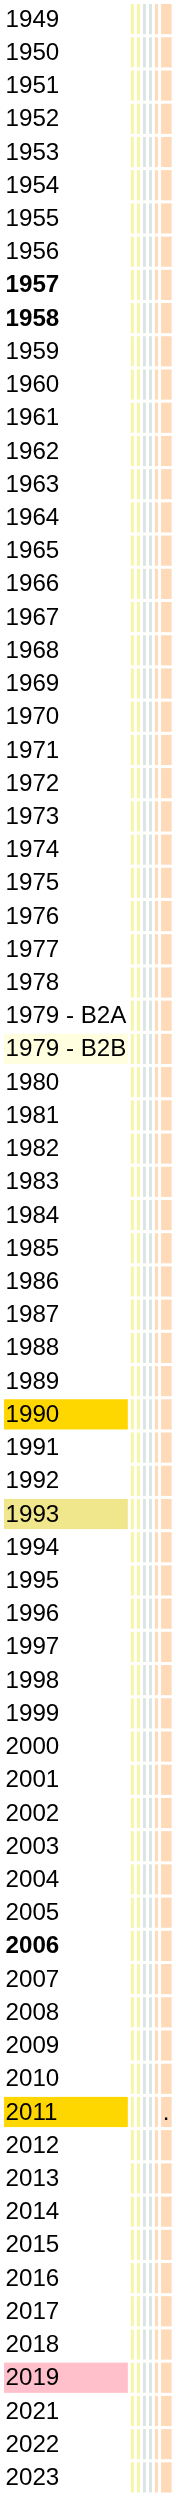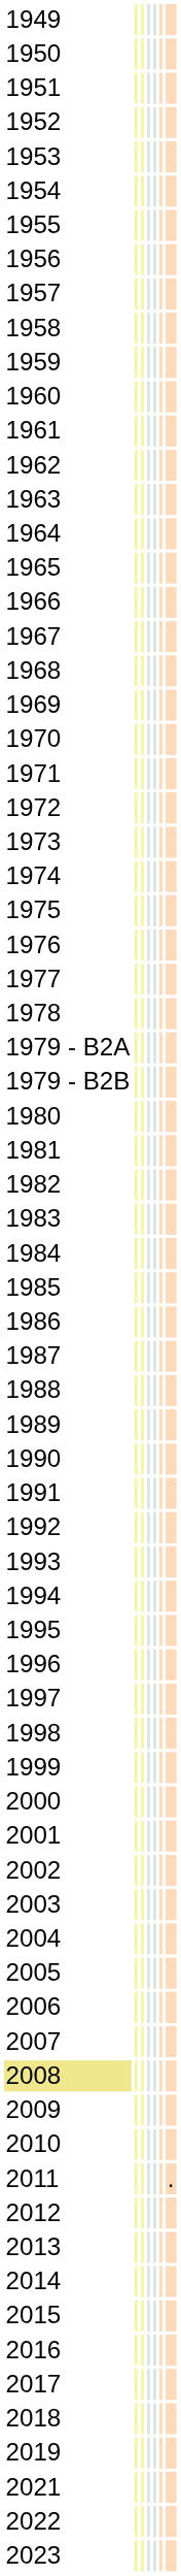 <table>
 <tr>
 <td>1949</td>
 <td style="background-color: #F7F6A8;"></td>
 <td style="background-color: #F7F6A8;"></td>
 <td style="background-color: #DCE5E5;"></td>
 <td style="background-color: #DCE5E5;"></td>
 <td style="background-color: #FFDAB9;"></td>
 <td style="background-color: #FFDAB9;"></td>
 </tr>
 <tr>
 <td>1950</td>
 <td style="background-color: #F7F6A8;"></td>
 <td style="background-color: #F7F6A8;"></td>
 <td style="background-color: #DCE5E5;"></td>
 <td style="background-color: #DCE5E5;"></td>
 <td style="background-color: #FFDAB9;"></td>
 <td style="background-color: #FFDAB9;"></td>
 </tr>
 <tr>
 <td>1951</td>
 <td style="background-color: #F7F6A8;"></td>
 <td style="background-color: #F7F6A8;"></td>
 <td style="background-color: #DCE5E5;"></td>
 <td style="background-color: #DCE5E5;"></td>
 <td style="background-color: #FFDAB9;"></td>
 <td style="background-color: #FFDAB9;"></td>
 </tr>
 <tr>
 <td>1952</td>
 <td style="background-color: #F7F6A8;"></td>
 <td style="background-color: #F7F6A8;"></td>
 <td style="background-color: #DCE5E5;"></td>
 <td style="background-color: #DCE5E5;"></td>
 <td style="background-color: #FFDAB9;"></td>
 <td style="background-color: #FFDAB9;"></td>
 </tr>
 <tr>
 <td>1953</td>
 <td style="background-color: #F7F6A8;"></td>
 <td style="background-color: #F7F6A8;"></td>
 <td style="background-color: #DCE5E5;"></td>
 <td style="background-color: #DCE5E5;"></td>
 <td style="background-color: #FFDAB9;"></td>
 <td style="background-color: #FFDAB9;"></td>
 </tr>
 <tr>
 <td>1954</td>
 <td style="background-color: #F7F6A8;"></td>
 <td style="background-color: #F7F6A8;"></td>
 <td style="background-color: #DCE5E5;"></td>
 <td style="background-color: #DCE5E5;"></td>
 <td style="background-color: #FFDAB9;"></td>
 <td style="background-color: #FFDAB9;"></td>
 </tr>
 <tr>
 <td>1955</td>
 <td style="background-color: #F7F6A8;"></td>
 <td style="background-color: #F7F6A8;"></td>
 <td style="background-color: #DCE5E5;"></td>
 <td style="background-color: #DCE5E5;"></td>
 <td style="background-color: #FFDAB9;"></td>
 <td style="background-color: #FFDAB9;"></td>
 </tr>
 <tr>
 <td>1956</td>
 <td style="background-color: #F7F6A8;"></td>
 <td style="background-color: #F7F6A8;"></td>
 <td style="background-color: #DCE5E5;"></td>
 <td style="background-color: #DCE5E5;"></td>
 <td style="background-color: #FFDAB9;"></td>
 <td style="background-color: #FFDAB9;"></td>
 </tr>
 <tr>
-<td><strong>1957</strong></td>
+<td>1957</td>
 <td style="background-color: #F7F6A8;"></td>
 <td style="background-color: #F7F6A8;"></td>
 <td style="background-color: #DCE5E5;"></td>
 <td style="background-color: #DCE5E5;"></td>
 <td style="background-color: #FFDAB9;"></td>
 <td style="background-color: #FFDAB9;"></td>
 </tr>
 <tr>
-<td><strong>1958</strong></td>
+<td>1958</td>
 <td style="background-color: #F7F6A8;"></td>
 <td style="background-color: #F7F6A8;"></td>
 <td style="background-color: #DCE5E5;"></td>
 <td style="background-color: #DCE5E5;"></td>
 <td style="background-color: #FFDAB9;"></td>
 <td style="background-color: #FFDAB9;"></td>
 </tr>
 <tr>
 <td>1959</td>
 <td style="background-color: #F7F6A8;"></td>
 <td style="background-color: #F7F6A8;"></td>
 <td style="background-color: #DCE5E5;"></td>
 <td style="background-color: #DCE5E5;"></td>
 <td style="background-color: #FFDAB9;"></td>
 <td style="background-color: #FFDAB9;"></td>
 </tr>
 <tr>
 <td>1960</td>
 <td style="background-color: #F7F6A8;"></td>
 <td style="background-color: #F7F6A8;"></td>
 <td style="background-color: #DCE5E5;"></td>
 <td style="background-color: #DCE5E5;"></td>
 <td style="background-color: #FFDAB9;"></td>
 <td style="background-color: #FFDAB9;"></td>
 </tr>
 <tr>
 <td>1961</td>
 <td style="background-color: #F7F6A8;"></td>
 <td style="background-color: #F7F6A8;"></td>
 <td style="background-color: #DCE5E5;"></td>
 <td style="background-color: #DCE5E5;"></td>
 <td style="background-color: #FFDAB9;"></td>
 <td style="background-color: #FFDAB9;"><br></td>
 </tr>
 <tr>
 <td>1962</td>
 <td style="background-color: #F7F6A8;"></td>
 <td style="background-color: #F7F6A8;"></td>
 <td style="background-color: #DCE5E5;"></td>
 <td style="background-color: #DCE5E5;"></td>
 <td style="background-color: #FFDAB9;"></td>
 <td style="background-color: #FFDAB9;"></td>
 </tr>
 <tr>
 <td>1963</td>
 <td style="background-color: #F7F6A8;"></td>
 <td style="background-color: #F7F6A8;"></td>
 <td style="background-color: #DCE5E5;"></td>
 <td style="background-color: #DCE5E5;"></td>
 <td style="background-color: #FFDAB9;"></td>
 <td style="background-color: #FFDAB9;"></td>
 </tr>
 <tr>
 <td>1964</td>
 <td style="background-color: #F7F6A8;"></td>
 <td style="background-color: #F7F6A8;"></td>
 <td style="background-color: #DCE5E5;"></td>
 <td style="background-color: #DCE5E5;"></td>
 <td style="background-color: #FFDAB9;"></td>
 <td style="background-color: #FFDAB9;"></td>
 </tr>
 <tr>
 <td>1965</td>
 <td style="background-color: #F7F6A8;"></td>
 <td style="background-color: #F7F6A8;"></td>
 <td style="background-color: #DCE5E5;"></td>
 <td style="background-color: #DCE5E5;"></td>
 <td style="background-color: #FFDAB9;"></td>
 <td style="background-color: #FFDAB9;"></td>
 </tr>
 <tr>
 <td>1966</td>
 <td style="background-color: #F7F6A8;"></td>
 <td style="background-color: #F7F6A8;"></td>
 <td style="background-color: #DCE5E5;"></td>
 <td style="background-color: #DCE5E5;"></td>
 <td style="background-color: #FFDAB9;"></td>
 <td style="background-color: #FFDAB9;"><br></td>
 </tr>
 <tr>
 <td>1967</td>
 <td style="background-color: #F7F6A8;"></td>
 <td style="background-color: #F7F6A8;"></td>
 <td style="background-color: #DCE5E5;"></td>
 <td style="background-color: #DCE5E5;"></td>
 <td style="background-color: #FFDAB9;"></td>
 <td style="background-color: #FFDAB9;"></td>
 </tr>
 <tr>
 <td>1968</td>
 <td style="background-color: #F7F6A8;"></td>
 <td style="background-color: #F7F6A8;"></td>
 <td style="background-color: #DCE5E5;"></td>
 <td style="background-color: #DCE5E5;"><br></td>
 <td style="background-color: #FFDAB9;"></td>
 <td style="background-color: #FFDAB9;"></td>
 </tr>
 <tr>
 <td>1969</td>
 <td style="background-color: #F7F6A8;"></td>
 <td style="background-color: #F7F6A8;"></td>
 <td style="background-color: #DCE5E5;"></td>
 <td style="background-color: #DCE5E5;"></td>
 <td style="background-color: #FFDAB9;"></td>
 <td style="background-color: #FFDAB9;"></td>
 </tr>
 <tr>
 <td>1970</td>
 <td style="background-color: #F7F6A8;"></td>
 <td style="background-color: #F7F6A8;"><br></td>
 <td style="background-color: #DCE5E5;"></td>
 <td style="background-color: #DCE5E5;"></td>
 <td style="background-color: #FFDAB9;"></td>
 <td style="background-color: #FFDAB9;"><br></td>
 </tr>
 <tr>
 <td>1971</td>
 <td style="background-color: #F7F6A8;"></td>
 <td style="background-color: #F7F6A8;"><br></td>
 <td style="background-color: #DCE5E5;"></td>
 <td style="background-color: #DCE5E5;"></td>
 <td style="background-color: #FFDAB9;"></td>
 <td style="background-color: #FFDAB9;"></td>
 </tr>
 <tr>
 <td>1972</td>
 <td style="background-color: #F7F6A8;"></td>
 <td style="background-color: #F7F6A8;"></td>
 <td style="background-color: #DCE5E5;"></td>
 <td style="background-color: #DCE5E5;"></td>
 <td style="background-color: #FFDAB9;"></td>
 <td style="background-color: #FFDAB9;"></td>
 </tr>
 <tr>
 <td>1973</td>
 <td style="background-color: #F7F6A8;"></td>
 <td style="background-color: #F7F6A8;"></td>
 <td style="background-color: #DCE5E5;"></td>
 <td style="background-color: #DCE5E5;"></td>
 <td style="background-color: #FFDAB9;"></td>
 <td style="background-color: #FFDAB9;"></td>
 </tr>
 <tr>
 <td>1974</td>
 <td style="background-color: #F7F6A8;"></td>
 <td style="background-color: #F7F6A8;"></td>
 <td style="background-color: #DCE5E5;"></td>
 <td style="background-color: #DCE5E5;"></td>
 <td style="background-color: #FFDAB9;"></td>
 <td style="background-color: #FFDAB9;"></td>
 </tr>
 <tr>
 <td>1975</td>
 <td style="background-color: #F7F6A8;"></td>
 <td style="background-color: #F7F6A8;"></td>
 <td style="background-color: #DCE5E5;"></td>
 <td style="background-color: #DCE5E5;"></td>
 <td style="background-color: #FFDAB9;"></td>
 <td style="background-color: #FFDAB9;"><br></td>
 </tr>
 <tr>
 <td>1976</td>
 <td style="background-color: #F7F6A8;"></td>
 <td style="background-color: #F7F6A8;"></td>
 <td style="background-color: #DCE5E5;"></td>
 <td style="background-color: #DCE5E5;"></td>
 <td style="background-color: #FFDAB9;"></td>
 <td style="background-color: #FFDAB9;"></td>
 </tr>
 <tr>
 <td>1977</td>
 <td style="background-color: #F7F6A8;"></td>
 <td style="background-color: #F7F6A8;"><br></td>
 <td style="background-color: #DCE5E5;"></td>
 <td style="background-color: #DCE5E5;"></td>
 <td style="background-color: #FFDAB9;"></td>
 <td style="background-color: #FFDAB9;"></td>
 </tr>
 <tr>
 <td>1978</td>
 <td style="background-color: #F7F6A8;"></td>
 <td style="background-color: #F7F6A8;"></td>
 <td style="background-color: #DCE5E5;"></td>
 <td style="background-color: #DCE5E5;"></td>
 <td style="background-color: #FFDAB9;"></td>
 <td style="background-color: #FFDAB9;"></td>
 </tr>
 <tr>
 <td>1979 - B2A</td>
 <td style="background-color: #F7F6A8;"></td>
 <td style="background-color: #F7F6A8;"></td>
 <td style="background-color: #DCE5E5;"></td>
 <td style="background-color: #DCE5E5;"></td>
 <td style="background-color: #FFDAB9;"></td>
 <td style="background-color: #FFDAB9;"></td>
 </tr>
 <tr>
-<td style="background: lightyellow;">1979 - B2B</td>
+<td>1979 - B2B</td>
 <td style="background-color: #F7F6A8;"></td>
 <td style="background-color: #F7F6A8;"></td>
 <td style="background-color: #DCE5E5;"></td>
 <td style="background-color: #DCE5E5;"></td>
 <td style="background-color: #FFDAB9;"></td>
 <td style="background-color: #FFDAB9;"></td>
 </tr>
 <tr>
 <td>1980</td>
 <td style="background-color: #F7F6A8;"></td>
 <td style="background-color: #F7F6A8;"></td>
 <td style="background-color: #DCE5E5;"></td>
 <td style="background-color: #DCE5E5;"></td>
 <td style="background-color: #FFDAB9;"></td>
 <td style="background-color: #FFDAB9;"><br></td>
 </tr>
 <tr>
 <td>1981</td>
 <td style="background-color: #F7F6A8;"></td>
 <td style="background-color: #F7F6A8;"></td>
 <td style="background-color: #DCE5E5;"></td>
 <td style="background-color: #DCE5E5;"></td>
 <td style="background-color: #FFDAB9;"></td>
 <td style="background-color: #FFDAB9;"></td>
 </tr>
 <tr>
 <td>1982</td>
 <td style="background-color: #F7F6A8;"></td>
 <td style="background-color: #F7F6A8;"></td>
 <td style="background-color: #DCE5E5;"></td>
 <td style="background-color: #DCE5E5;"></td>
 <td style="background-color: #FFDAB9;"></td>
 <td style="background-color: #FFDAB9;"></td>
 </tr>
 <tr>
 <td>1983</td>
 <td style="background-color: #F7F6A8;"></td>
 <td style="background-color: #F7F6A8;"></td>
 <td style="background-color: #DCE5E5;"></td>
 <td style="background-color: #DCE5E5;"></td>
 <td style="background-color: #FFDAB9;"></td>
 <td style="background-color: #FFDAB9;"></td>
 </tr>
 <tr>
 <td>1984</td>
 <td style="background-color: #F7F6A8;"></td>
 <td style="background-color: #F7F6A8;"></td>
 <td style="background-color: #DCE5E5;"></td>
 <td style="background-color: #DCE5E5;"></td>
 <td style="background-color: #FFDAB9;"></td>
 <td style="background-color: #FFDAB9;"></td>
 </tr>
 <tr>
 <td>1985</td>
 <td style="background-color: #F7F6A8;"></td>
 <td style="background-color: #F7F6A8;"></td>
 <td style="background-color: #DCE5E5;"></td>
 <td style="background-color: #DCE5E5;"></td>
 <td style="background-color: #FFDAB9;"></td>
 <td style="background-color: #FFDAB9;"></td>
 </tr>
 <tr>
 <td>1986</td>
 <td style="background-color: #F7F6A8;"></td>
 <td style="background-color: #F7F6A8;"></td>
 <td style="background-color: #DCE5E5;"></td>
 <td style="background-color: #DCE5E5;"></td>
 <td style="background-color: #FFDAB9;"></td>
 <td style="background-color: #FFDAB9;"></td>
 </tr>
 <tr>
 <td>1987</td>
 <td style="background-color: #F7F6A8;"></td>
 <td style="background-color: #F7F6A8;"></td>
 <td style="background-color: #DCE5E5;"></td>
 <td style="background-color: #DCE5E5;"></td>
 <td style="background-color: #FFDAB9;"></td>
 <td style="background-color: #FFDAB9;"></td>
 </tr>
 <tr>
 <td>1988</td>
 <td style="background-color: #F7F6A8;"></td>
 <td style="background-color: #F7F6A8;"><br></td>
 <td style="background-color: #DCE5E5;"></td>
 <td style="background-color: #DCE5E5;"></td>
 <td style="background-color: #FFDAB9;"></td>
 <td style="background-color: #FFDAB9;"></td>
 </tr>
 <tr>
 <td>1989</td>
 <td style="background-color: #F7F6A8;"></td>
 <td style="background-color: #F7F6A8;"></td>
 <td style="background-color: #DCE5E5;"></td>
 <td style="background-color: #DCE5E5;"></td>
 <td style="background-color: #FFDAB9;"></td>
 <td style="background-color: #FFDAB9;"></td>
 </tr>
 <tr>
-<td style="background: gold;">1990</td>
+<td>1990</td>
 <td style="background-color: #F7F6A8;"></td>
 <td style="background-color: #F7F6A8;"></td>
 <td style="background-color: #DCE5E5;"></td>
 <td style="background-color: #DCE5E5;"></td>
 <td style="background-color: #FFDAB9;"></td>
 <td style="background-color: #FFDAB9;"></td>
 </tr>
 <tr>
 <td>1991</td>
 <td style="background-color: #F7F6A8;"></td>
 <td style="background-color: #F7F6A8;"></td>
 <td style="background-color: #DCE5E5;"></td>
 <td style="background-color: #DCE5E5;"></td>
 <td style="background-color: #FFDAB9;"></td>
 <td style="background-color: #FFDAB9;"><br></td>
 </tr>
 <tr>
 <td>1992</td>
 <td style="background-color: #F7F6A8;"></td>
 <td style="background-color: #F7F6A8;"></td>
 <td style="background-color: #DCE5E5;"></td>
 <td style="background-color: #DCE5E5;"></td>
 <td style="background-color: #FFDAB9;"></td>
 <td style="background-color: #FFDAB9;"></td>
 </tr>
 <tr>
-<td style="background: khaki;">1993</td>
+<td>1993</td>
 <td style="background-color: #F7F6A8;"></td>
 <td style="background-color: #F7F6A8;"></td>
 <td style="background-color: #DCE5E5;"></td>
 <td style="background-color: #DCE5E5;"></td>
 <td style="background-color: #FFDAB9;"></td>
 <td style="background-color: #FFDAB9;"></td>
 </tr>
 <tr>
 <td>1994</td>
 <td style="background-color: #F7F6A8;"></td>
 <td style="background-color: #F7F6A8;"></td>
 <td style="background-color: #DCE5E5;"></td>
 <td style="background-color: #DCE5E5;"></td>
 <td style="background-color: #FFDAB9;"></td>
 <td style="background-color: #FFDAB9;"></td>
 </tr>
 <tr>
 <td>1995</td>
 <td style="background-color: #F7F6A8;"></td>
 <td style="background-color: #F7F6A8;"></td>
 <td style="background-color: #DCE5E5;"></td>
 <td style="background-color: #DCE5E5;"></td>
 <td style="background-color: #FFDAB9;"></td>
 <td style="background-color: #FFDAB9;"></td>
 </tr>
 <tr>
 <td>1996</td>
 <td style="background-color: #F7F6A8;"></td>
 <td style="background-color: #F7F6A8;"></td>
 <td style="background-color: #DCE5E5;"></td>
 <td style="background-color: #DCE5E5;"></td>
 <td style="background-color: #FFDAB9;"></td>
 <td style="background-color: #FFDAB9;"></td>
 </tr>
 <tr>
 <td>1997</td>
 <td style="background-color: #F7F6A8;"></td>
 <td style="background-color: #F7F6A8;"></td>
 <td style="background-color: #DCE5E5;"></td>
 <td style="background-color: #DCE5E5;"></td>
 <td style="background-color: #FFDAB9;"></td>
 <td style="background-color: #FFDAB9;"></td>
 </tr>
 <tr>
 <td>1998</td>
 <td style="background-color: #F7F6A8;"></td>
 <td style="background-color: #F7F6A8;"></td>
 <td style="background-color: #DCE5E5;"></td>
 <td style="background-color: #DCE5E5;"></td>
 <td style="background-color: #FFDAB9;"></td>
 <td style="background-color: #FFDAB9;"></td>
 </tr>
 <tr>
 <td>1999</td>
 <td style="background-color: #F7F6A8;"></td>
 <td style="background-color: #F7F6A8;"></td>
 <td style="background-color: #DCE5E5;"></td>
 <td style="background-color: #DCE5E5;"></td>
 <td style="background-color: #FFDAB9;"></td>
 <td style="background-color: #FFDAB9;"></td>
 </tr>
 <tr>
 <td>2000</td>
 <td style="background-color: #F7F6A8;"></td>
 <td style="background-color: #F7F6A8;"></td>
 <td style="background-color: #DCE5E5;"></td>
 <td style="background-color: #DCE5E5;"></td>
 <td style="background-color: #FFDAB9;"></td>
 <td style="background-color: #FFDAB9;"></td>
 </tr>
 <tr>
 <td>2001</td>
 <td style="background-color: #F7F6A8;"></td>
 <td style="background-color: #F7F6A8;"></td>
 <td style="background-color: #DCE5E5;"></td>
 <td style="background-color: #DCE5E5;"></td>
 <td style="background-color: #FFDAB9;"></td>
 <td style="background-color: #FFDAB9;"></td>
 </tr>
 <tr>
 <td>2002</td>
 <td style="background-color: #F7F6A8;"></td>
 <td style="background-color: #F7F6A8;"></td>
 <td style="background-color: #DCE5E5;"></td>
 <td style="background-color: #DCE5E5;"></td>
 <td style="background-color: #FFDAB9;"></td>
 <td style="background-color: #FFDAB9;"></td>
 </tr>
 <tr>
 <td>2003</td>
 <td style="background-color: #F7F6A8;"></td>
 <td style="background-color: #F7F6A8;"></td>
 <td style="background-color: #DCE5E5;"></td>
 <td style="background-color: #DCE5E5;"></td>
 <td style="background-color: #FFDAB9;"></td>
 <td style="background-color: #FFDAB9;"></td>
 </tr>
 <tr>
 <td>2004</td>
 <td style="background-color: #F7F6A8;"></td>
 <td style="background-color: #F7F6A8;"></td>
 <td style="background-color: #DCE5E5;"></td>
 <td style="background-color: #DCE5E5;"></td>
 <td style="background-color: #FFDAB9;"></td>
 <td style="background-color: #FFDAB9;"></td>
 </tr>
 <tr>
 <td>2005</td>
 <td style="background-color: #F7F6A8;"></td>
 <td style="background-color: #F7F6A8;"></td>
 <td style="background-color: #DCE5E5;"></td>
 <td style="background-color: #DCE5E5;"></td>
 <td style="background-color: #FFDAB9;"></td>
 <td style="background-color: #FFDAB9;"></td>
 </tr>
 <tr>
-<td><strong>2006</strong></td>
+<td>2006</td>
 <td style="background-color: #F7F6A8;"></td>
 <td style="background-color: #F7F6A8;"></td>
 <td style="background-color: #DCE5E5;"></td>
 <td style="background-color: #DCE5E5;"><br></td>
 <td style="background-color: #FFDAB9;"></td>
 <td style="background-color: #FFDAB9;"></td>
 </tr>
 <tr>
 <td>2007</td>
 <td style="background-color: #F7F6A8;"></td>
 <td style="background-color: #F7F6A8;"></td>
 <td style="background-color: #DCE5E5;"></td>
 <td style="background-color: #DCE5E5;"></td>
 <td style="background-color: #FFDAB9;"></td>
 <td style="background-color: #FFDAB9;"></td>
 </tr>
 <tr>
-<td>2008</td>
+<td style="background: khaki;">2008</td>
 <td style="background-color: #F7F6A8;"></td>
 <td style="background-color: #F7F6A8;"></td>
 <td style="background-color: #DCE5E5;"></td>
 <td style="background-color: #DCE5E5;"></td>
 <td style="background-color: #FFDAB9;"></td>
 <td style="background-color: #FFDAB9;"></td>
 </tr>
 <tr>
 <td>2009</td>
 <td style="background-color: #F7F6A8;"></td>
 <td style="background-color: #F7F6A8;"></td>
 <td style="background-color: #DCE5E5;"></td>
 <td style="background-color: #DCE5E5;"></td>
 <td style="background-color: #FFDAB9;"></td>
 <td style="background-color: #FFDAB9;"><br></td>
 </tr>
 <tr>
 <td>2010</td>
 <td style="background-color: #F7F6A8;"></td>
 <td style="background-color: #F7F6A8;"></td>
 <td style="background-color: #DCE5E5;"></td>
 <td style="background-color: #DCE5E5;"></td>
 <td style="background-color: #FFDAB9;"></td>
 <td style="background-color: #FFDAB9;"></td>
 </tr>
 <tr>
-<td style="background: gold;">2011</td>
+<td>2011</td>
 <td style="background-color: #F7F6A8;"></td>
 <td style="background-color: #F7F6A8;"></td>
 <td style="background-color: #DCE5E5;"></td>
 <td style="background-color: #DCE5E5;"></td>
 <td style="background-color: #FFDAB9;"></td>
 <td style="background-color: #FFDAB9;">.</td>
 </tr>
 <tr>
 <td>2012</td>
 <td style="background-color: #F7F6A8;"></td>
 <td style="background-color: #F7F6A8;"></td>
 <td style="background-color: #DCE5E5;"></td>
 <td style="background-color: #DCE5E5;"></td>
 <td style="background-color: #FFDAB9;"></td>
 <td style="background-color: #FFDAB9;"></td>
 </tr>
 <tr>
 <td>2013</td>
 <td style="background-color: #F7F6A8;"></td>
 <td style="background-color: #F7F6A8;"></td>
 <td style="background-color: #DCE5E5;"></td>
 <td style="background-color: #DCE5E5;"></td>
 <td style="background-color: #FFDAB9;"></td>
 <td style="background-color: #FFDAB9;"><br></td>
 </tr>
 <tr>
 <td>2014</td>
 <td style="background-color: #F7F6A8;"></td>
 <td style="background-color: #F7F6A8;"></td>
 <td style="background-color: #DCE5E5;"></td>
 <td style="background-color: #DCE5E5;"></td>
 <td style="background-color: #FFDAB9;"></td>
 <td style="background-color: #FFDAB9;"></td>
 </tr>
 <tr>
 <td>2015</td>
 <td style="background-color: #F7F6A8;"></td>
 <td style="background-color: #F7F6A8;"></td>
 <td style="background-color: #DCE5E5;"></td>
 <td style="background-color: #DCE5E5;"></td>
 <td style="background-color: #FFDAB9;"></td>
 <td style="background-color: #FFDAB9;"></td>
 </tr>
 <tr>
 <td>2016</td>
 <td style="background-color: #F7F6A8;"></td>
 <td style="background-color: #F7F6A8;"></td>
 <td style="background-color: #DCE5E5;"></td>
 <td style="background-color: #DCE5E5;"></td>
 <td style="background-color: #FFDAB9;"></td>
 <td style="background-color: #FFDAB9;"></td>
 </tr>
 <tr>
 <td>2017</td>
 <td style="background-color: #F7F6A8;"></td>
 <td style="background-color: #F7F6A8;"></td>
 <td style="background-color: #DCE5E5;"></td>
 <td style="background-color: #DCE5E5;"></td>
 <td style="background-color: #FFDAB9;"></td>
 <td style="background-color: #FFDAB9;"></td>
 </tr>
 <tr>
 <td>2018</td>
 <td style="background-color: #F7F6A8;"></td>
 <td style="background-color: #F7F6A8;"></td>
 <td style="background-color: #DCE5E5;"></td>
 <td style="background-color: #DCE5E5;"></td>
 <td style="background-color: #FFDAB9;"></td>
 <td style="background-color: #FFDAB9;"></td>
 </tr>
 <tr>
-<td style="background: pink;">2019</td>
+<td>2019</td>
 <td style="background-color: #F7F6A8;"></td>
 <td style="background-color: #F7F6A8;"></td>
 <td style="background-color: #DCE5E5;"></td>
 <td style="background-color: #DCE5E5;"></td>
 <td style="background-color: #FFDAB9;"></td>
 <td style="background-color: #FFDAB9;"></td>
 </tr>
 <tr>
 <td>2021</td>
 <td style="background-color: #F7F6A8;"></td>
 <td style="background-color: #F7F6A8;"></td>
 <td style="background-color: #DCE5E5;"></td>
 <td style="background-color: #DCE5E5;"></td>
 <td style="background-color: #FFDAB9;"></td>
 <td style="background-color: #FFDAB9;"></td>
 </tr>
 <tr>
 <td>2022</td>
 <td style="background-color: #F7F6A8;"></td>
 <td style="background-color: #F7F6A8;"></td>
 <td style="background-color: #DCE5E5;"></td>
 <td style="background-color: #DCE5E5;"></td>
 <td style="background-color: #FFDAB9;"></td>
 <td style="background-color: #FFDAB9;"></td>
 </tr>
 <tr>
 <td>2023</td>
 <td style="background-color: #F7F6A8;"></td>
 <td style="background-color: #F7F6A8;"></td>
 <td style="background-color: #DCE5E5;"></td>
 <td style="background-color: #DCE5E5;"></td>
 <td style="background-color: #FFDAB9;"></td>
 <td style="background-color: #FFDAB9;"></td>
 </tr>
 </table>
